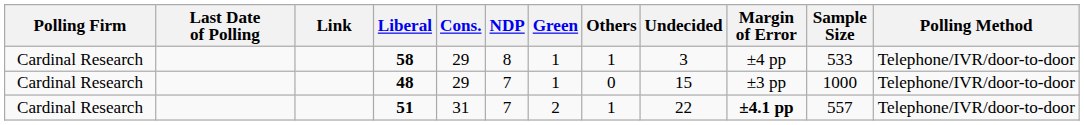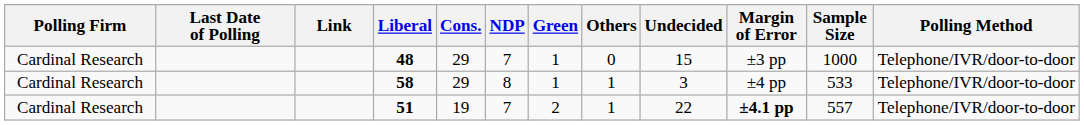 <table class="wikitable sortable" style="text-align:center;font-size:90%;line-height:14px;">
 <tr style="background:#e9e9e9;">
 <th style="width:120px">Polling Firm</th>
 <th style="width:110px">Last Date<br>of Polling</th>
 <th style="width:60px" class="unsortable">Link</th>
 <th style="background-color:"><a href='#'>Liberal</a></th>
 <th style="background-color:"><a href='#'>Cons.</a></th>
 <th style="background-color:"><a href='#'>NDP</a></th>
 <th style="background-color:"><a href='#'>Green</a></th>
 <th style="background-color:">Others</th>
 <th style="background-color:">Undecided</th>
 <th style="width:60px;" class=unsortable>Margin<br>of Error</th>
 <th style="width:50px;" class=unsortable>Sample<br>Size</th>
 <th class=unsortable>Polling Method</th>
 </tr>
 <tr>
 <td>Cardinal Research</td>
 <td></td>
 <td></td>
+<td><strong>48</strong></td>
+<td>29</td>
+<td>7</td>
+<td>1</td>
+<td>0</td>
+<td>15</td>
+<td>±3 pp</td>
+<td>1000</td>
+<td>Telephone/IVR/door-to-door</td>
+</tr>
+<tr>
+<td>Cardinal Research</td>
+<td></td>
+<td></td>
 <td><strong>58</strong></td>
 <td>29</td>
 <td>8</td>
 <td>1</td>
 <td>1</td>
 <td>3</td>
 <td>±4 pp</td>
 <td>533</td>
 <td>Telephone/IVR/door-to-door</td>
 </tr>
 <tr>
 <td>Cardinal Research</td>
 <td></td>
 <td></td>
-<td><strong>48</strong></td>
-<td>29</td>
-<td>7</td>
-<td>1</td>
-<td>0</td>
-<td>15</td>
-<td>±3 pp</td>
-<td>1000</td>
-<td>Telephone/IVR/door-to-door</td>
-</tr>
-<tr>
-<td>Cardinal Research</td>
-<td></td>
-<td></td>
 <td><strong>51</strong></td>
-<td>31</td>
+<td>19</td>
 <td>7</td>
 <td>2</td>
 <td>1</td>
 <td>22</td>
 <td><strong>±4.1 pp</strong></td>
 <td>557</td>
 <td>Telephone/IVR/door-to-door</td>
 </tr>
 </table>
